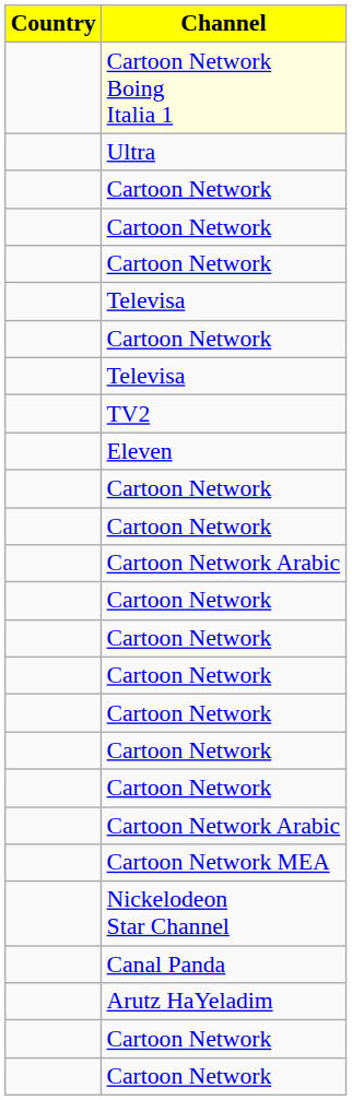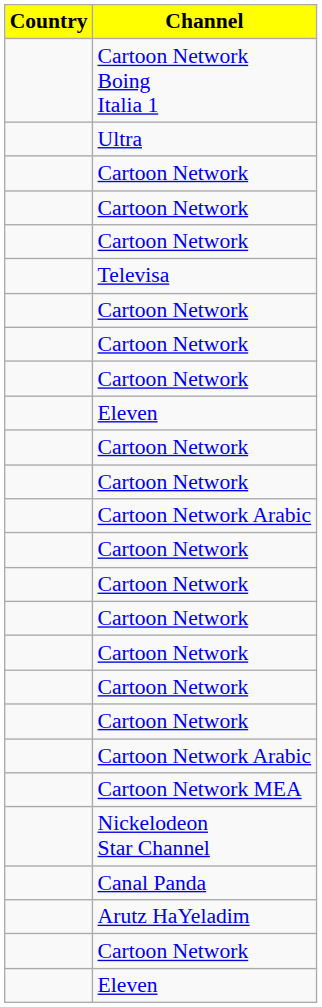 <table class="wikitable">
 <tr>
 <th style="background-color: #FFFF00">Country</th>
 <th style="background-color: #FFFF00">Channel</th>
 </tr>
 <tr>
 <td></td>
-<td style="background: lightyellow;"><a href='#'>Cartoon Network</a><br><a href='#'>Boing</a><br><a href='#'>Italia 1</a></td>
+<td><a href='#'>Cartoon Network</a><br><a href='#'>Boing</a><br><a href='#'>Italia 1</a></td>
 </tr>
 <tr>
 <td></td>
 <td><a href='#'>Ultra</a></td>
 </tr>
 <tr>
 <td></td>
 <td><a href='#'>Cartoon Network</a></td>
 </tr>
 <tr>
 <td></td>
 <td><a href='#'>Cartoon Network</a></td>
 </tr>
 <tr>
 <td></td>
 <td><a href='#'>Cartoon Network</a></td>
 </tr>
 <tr>
 <td></td>
 <td><a href='#'>Televisa</a></td>
 </tr>
 <tr>
 <td></td>
 <td><a href='#'>Cartoon Network</a></td>
 </tr>
 <tr>
 <td></td>
-<td><a href='#'>Televisa</a></td>
+<td><a href='#'>Cartoon Network</a></td>
 </tr>
 <tr>
 <td></td>
-<td><a href='#'>TV2</a></td>
+<td><a href='#'>Cartoon Network</a></td>
 </tr>
 <tr>
 <td></td>
 <td><a href='#'>Eleven</a></td>
 </tr>
 <tr>
 <td></td>
 <td><a href='#'>Cartoon Network</a></td>
 </tr>
 <tr>
 <td></td>
 <td><a href='#'>Cartoon Network</a></td>
 </tr>
 <tr>
 <td></td>
 <td><a href='#'>Cartoon Network Arabic</a></td>
 </tr>
 <tr>
 <td></td>
 <td><a href='#'>Cartoon Network</a></td>
 </tr>
 <tr>
 <td></td>
 <td><a href='#'>Cartoon Network</a></td>
 </tr>
 <tr>
 <td></td>
 <td><a href='#'>Cartoon Network</a></td>
 </tr>
 <tr>
 <td></td>
 <td><a href='#'>Cartoon Network</a></td>
 </tr>
 <tr>
 <td></td>
 <td><a href='#'>Cartoon Network</a></td>
 </tr>
 <tr>
 <td></td>
 <td><a href='#'>Cartoon Network</a></td>
 </tr>
 <tr>
 <td></td>
 <td><a href='#'>Cartoon Network Arabic</a></td>
 </tr>
 <tr>
 <td></td>
 <td><a href='#'>Cartoon Network MEA</a></td>
 </tr>
 <tr>
 <td></td>
 <td><a href='#'>Nickelodeon</a><br><a href='#'>Star Channel</a></td>
 </tr>
 <tr>
 <td></td>
 <td><a href='#'>Canal Panda</a></td>
 </tr>
 <tr>
 <td></td>
 <td><a href='#'>Arutz HaYeladim</a></td>
 </tr>
 <tr>
 <td></td>
 <td><a href='#'>Cartoon Network</a></td>
 </tr>
 <tr>
 <td></td>
-<td><a href='#'>Cartoon Network</a></td>
+<td><a href='#'>Eleven</a></td>
 </tr>
 </table>
